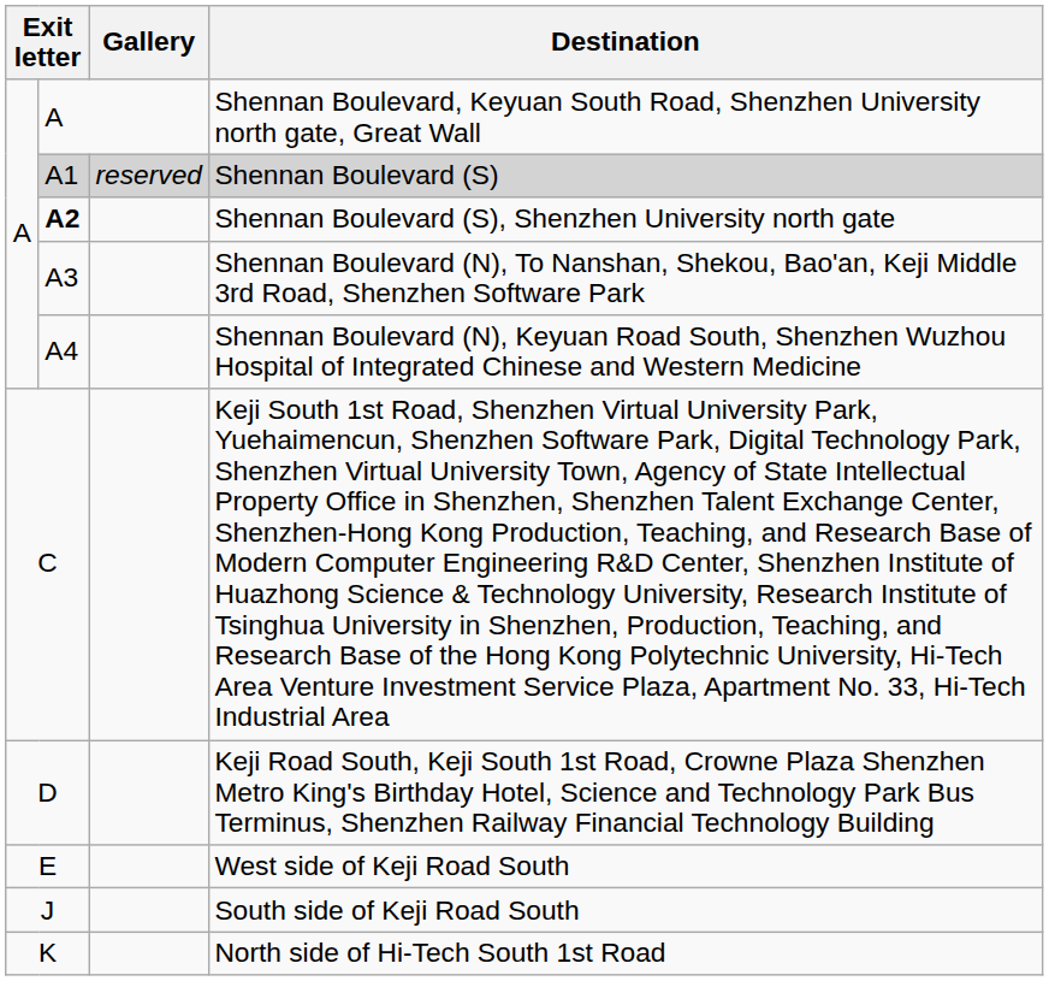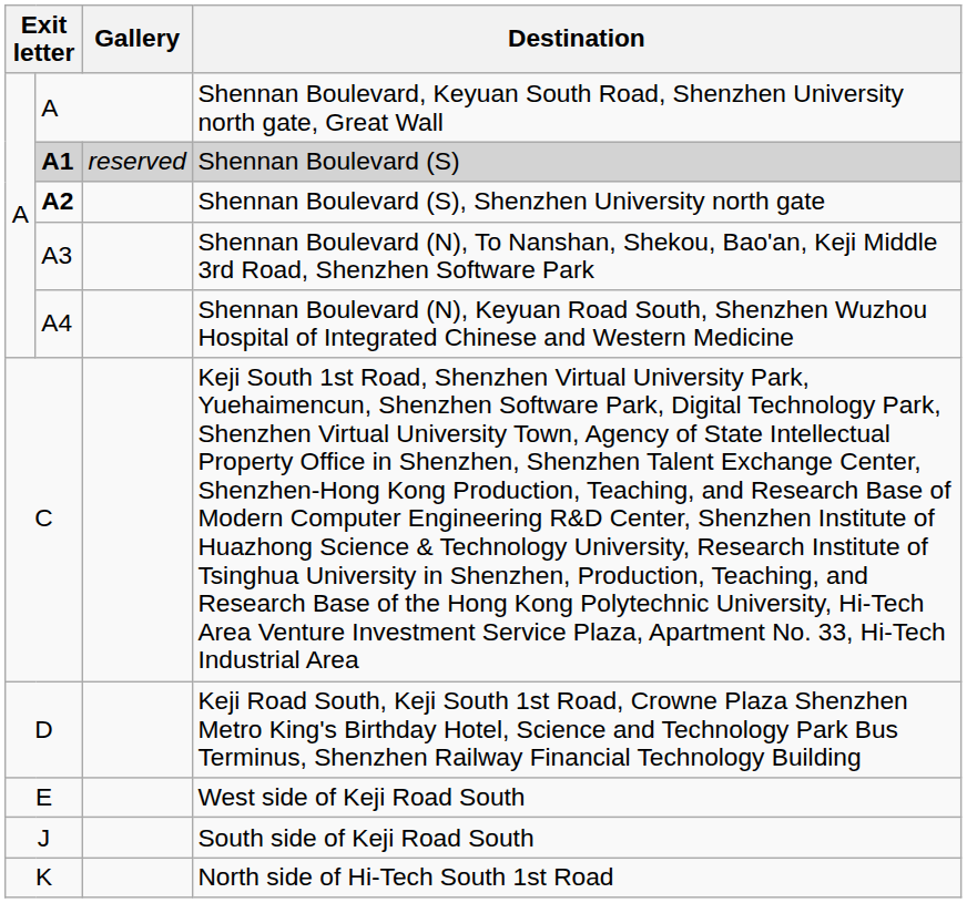 <table class="wikitable">
 <tr>
 <th style="width:70px" colspan="2">Exit letter</th>
 <th>Gallery</th>
 <th>Destination</th>
 </tr>
 <tr>
 <td align="center" rowspan="5">A</td>
 <td colspan=2>A</td>
 <td>Shennan Boulevard, Keyuan South Road, Shenzhen University north gate, Great Wall</td>
 </tr>
 <tr bgcolor=lightgrey>
-<td>A1</td>
+<td><strong>A1</strong></td>
 <td><em>reserved</em></td>
 <td>Shennan Boulevard (S)</td>
 </tr>
 <tr>
 <td><strong>A2</strong></td>
 <td></td>
 <td>Shennan Boulevard (S), Shenzhen University north gate</td>
 </tr>
 <tr>
 <td>A3</td>
 <td></td>
 <td>Shennan Boulevard (N), To Nanshan, Shekou, Bao'an, Keji Middle 3rd Road, Shenzhen Software Park</td>
 </tr>
 <tr>
 <td>A4</td>
 <td></td>
 <td>Shennan Boulevard (N), Keyuan Road South, Shenzhen Wuzhou Hospital of Integrated Chinese and Western Medicine</td>
 </tr>
 <tr>
 <td align="center" colspan="2">C</td>
 <td><br></td>
 <td>Keji South 1st Road, Shenzhen Virtual University Park, Yuehaimencun, Shenzhen Software Park, Digital Technology Park, Shenzhen Virtual University Town, Agency of State Intellectual Property Office in Shenzhen, Shenzhen Talent Exchange Center, Shenzhen-Hong Kong Production, Teaching, and Research Base of Modern Computer Engineering R&D Center, Shenzhen Institute of Huazhong Science & Technology University, Research Institute of Tsinghua University in Shenzhen, Production, Teaching, and Research Base of the Hong Kong Polytechnic University, Hi-Tech Area Venture Investment Service Plaza, Apartment No. 33, Hi-Tech Industrial Area</td>
 </tr>
 <tr>
 <td align="center" colspan="2">D</td>
 <td><br></td>
 <td>Keji Road South, Keji South 1st Road, Crowne Plaza Shenzhen Metro King's Birthday Hotel, Science and Technology Park Bus Terminus, Shenzhen Railway Financial Technology Building</td>
 </tr>
 <tr>
 <td align="center" colspan="2">E</td>
 <td></td>
 <td>West side of Keji Road South</td>
 </tr>
 <tr>
 <td align="center" colspan="2">J</td>
 <td></td>
 <td>South side of Keji Road South</td>
 </tr>
 <tr>
 <td align="center" colspan="2">K</td>
 <td></td>
 <td>North side of Hi-Tech South 1st Road</td>
 </tr>
 </table>
